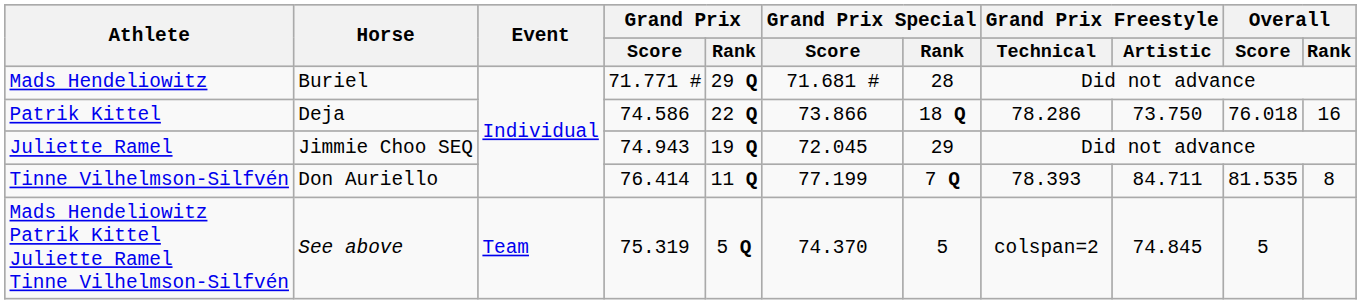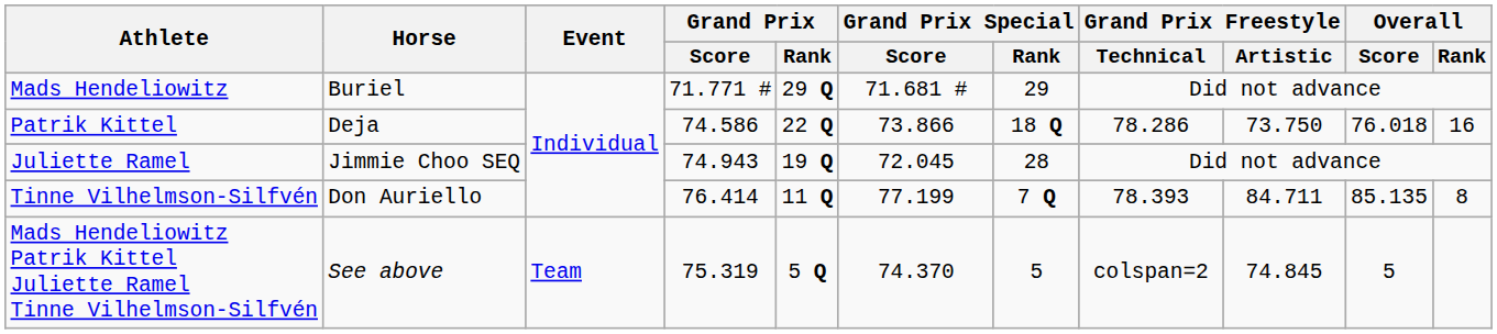 <table class=wikitable style="font-size:90%">
 <tr>
 <th rowspan="2">Athlete</th>
 <th rowspan="2">Horse</th>
 <th rowspan="2">Event</th>
 <th colspan="2">Grand Prix</th>
 <th colspan="2">Grand Prix Special</th>
 <th colspan="2">Grand Prix Freestyle</th>
 <th colspan="2">Overall</th>
 </tr>
 <tr style="font-size:95%">
 <th>Score</th>
 <th>Rank</th>
 <th>Score</th>
 <th>Rank</th>
 <th>Technical</th>
 <th>Artistic</th>
 <th>Score</th>
 <th>Rank</th>
 </tr>
 <tr align=center>
 <td align=left><a href='#'>Mads Hendeliowitz</a></td>
 <td align=left>Buriel</td>
 <td rowspan="4" style="text-align:left;"><a href='#'>Individual</a></td>
 <td>71.771 #</td>
 <td>29 <strong>Q</strong></td>
 <td>71.681 #</td>
-<td>28</td>
+<td>29</td>
 <td colspan=4>Did not advance</td>
 </tr>
 <tr align=center>
 <td align=left><a href='#'>Patrik Kittel</a></td>
 <td align=left>Deja</td>
 <td>74.586</td>
 <td>22 <strong>Q</strong></td>
 <td>73.866</td>
 <td>18 <strong>Q</strong></td>
 <td>78.286</td>
 <td>73.750</td>
 <td>76.018</td>
 <td>16</td>
 </tr>
 <tr align=center>
 <td align=left><a href='#'>Juliette Ramel</a></td>
 <td align=left>Jimmie Choo SEQ</td>
 <td>74.943</td>
 <td>19 <strong>Q</strong></td>
 <td>72.045</td>
-<td>29</td>
+<td>28</td>
 <td colspan=4>Did not advance</td>
 </tr>
 <tr align=center>
 <td align=left><a href='#'>Tinne Vilhelmson-Silfvén</a></td>
 <td align=left>Don Auriello</td>
 <td>76.414</td>
 <td>11 <strong>Q</strong></td>
 <td>77.199</td>
 <td>7 <strong>Q</strong></td>
 <td>78.393</td>
 <td>84.711</td>
-<td>81.535</td>
+<td>85.135</td>
 <td>8</td>
 </tr>
 <tr align=center>
 <td align=left><a href='#'>Mads Hendeliowitz</a><br><a href='#'>Patrik Kittel</a><br><a href='#'>Juliette Ramel</a><br><a href='#'>Tinne Vilhelmson-Silfvén</a></td>
 <td align=left><em>See above</em></td>
 <td align=left><a href='#'>Team</a></td>
 <td>75.319</td>
 <td>5 <strong>Q</strong></td>
 <td>74.370</td>
 <td>5</td>
 <td>colspan=2 </td>
 <td>74.845</td>
 <td>5</td>
 </tr>
 </table>
